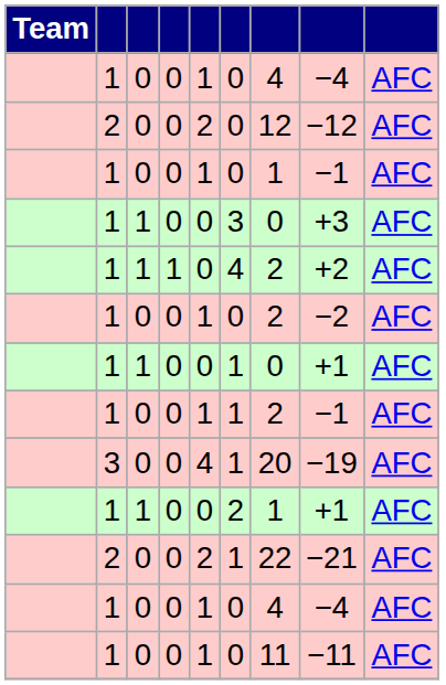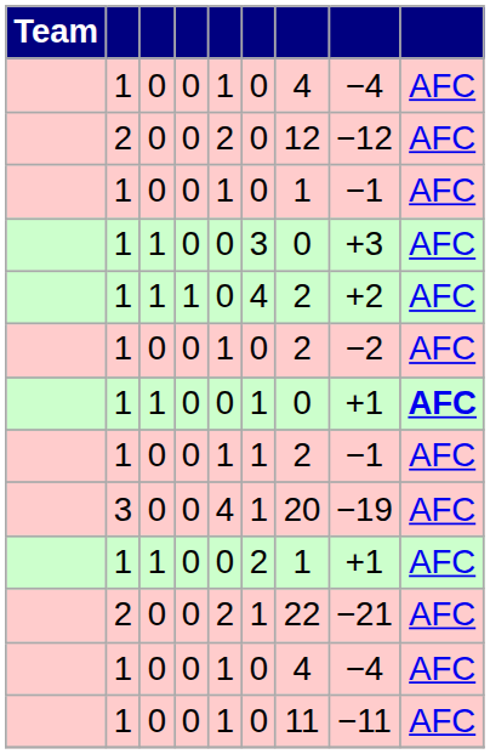 <table class="wikitable sortable" style="text-align: center; font-size: 100%;">
 <tr>
 <th style="background:#000080;color:white;">Team</th>
 <th style="background:#000080;color:white;"></th>
 <th style="background:#000080;color:white;"></th>
 <th style="background:#000080;color:white;"></th>
 <th style="background:#000080;color:white;"></th>
 <th style="background:#000080;color:white;"></th>
 <th style="background:#000080;color:white;"></th>
 <th style="background:#000080;color:white;"></th>
 <th style="background:#000080;color:white;"></th>
 </tr>
 <tr bgcolor=FFCCCC>
 <td style="text-align:left;"></td>
 <td>1</td>
 <td>0</td>
 <td>0</td>
 <td>1</td>
 <td>0</td>
 <td>4</td>
 <td>−4</td>
 <td><a href='#'>AFC</a></td>
 </tr>
 <tr bgcolor=FFCCCC>
 <td style="text-align:left;"></td>
 <td>2</td>
 <td>0</td>
 <td>0</td>
 <td>2</td>
 <td>0</td>
 <td>12</td>
 <td>−12</td>
 <td><a href='#'>AFC</a></td>
 </tr>
 <tr bgcolor=FFCCCC>
 <td style="text-align:left;"></td>
 <td>1</td>
 <td>0</td>
 <td>0</td>
 <td>1</td>
 <td>0</td>
 <td>1</td>
 <td>−1</td>
 <td><a href='#'>AFC</a></td>
 </tr>
 <tr bgcolor=CCFFCC>
 <td style="text-align:left;"></td>
 <td>1</td>
 <td>1</td>
 <td>0</td>
 <td>0</td>
 <td>3</td>
 <td>0</td>
 <td>+3</td>
 <td><a href='#'>AFC</a></td>
 </tr>
 <tr bgcolor=CCFFCC>
 <td style="text-align:left;"></td>
 <td>1</td>
 <td>1</td>
 <td>1</td>
 <td>0</td>
 <td>4</td>
 <td>2</td>
 <td>+2</td>
 <td><a href='#'>AFC</a></td>
 </tr>
 <tr bgcolor=FFCCCC>
 <td style="text-align:left;"></td>
 <td>1</td>
 <td>0</td>
 <td>0</td>
 <td>1</td>
 <td>0</td>
 <td>2</td>
 <td>−2</td>
 <td><a href='#'>AFC</a></td>
 </tr>
 <tr bgcolor=CCFFCC>
 <td style="text-align:left;"></td>
 <td>1</td>
 <td>1</td>
 <td>0</td>
 <td>0</td>
 <td>1</td>
 <td>0</td>
 <td>+1</td>
-<td><a href='#'>AFC</a></td>
+<td><strong><a href='#'>AFC</a></strong></td>
 </tr>
 <tr bgcolor=FFCCCC>
 <td style="text-align:left;"></td>
 <td>1</td>
 <td>0</td>
 <td>0</td>
 <td>1</td>
 <td>1</td>
 <td>2</td>
 <td>−1</td>
 <td><a href='#'>AFC</a></td>
 </tr>
 <tr bgcolor=FFCCCC>
 <td style="text-align:left;"></td>
 <td>3</td>
 <td>0</td>
 <td>0</td>
 <td>4</td>
 <td>1</td>
 <td>20</td>
 <td>−19</td>
 <td><a href='#'>AFC</a></td>
 </tr>
 <tr bgcolor=CCFFCC>
 <td style="text-align:left;"></td>
 <td>1</td>
 <td>1</td>
 <td>0</td>
 <td>0</td>
 <td>2</td>
 <td>1</td>
 <td>+1</td>
 <td><a href='#'>AFC</a></td>
 </tr>
 <tr bgcolor=FFCCCC>
 <td style="text-align:left;"></td>
 <td>2</td>
 <td>0</td>
 <td>0</td>
 <td>2</td>
 <td>1</td>
 <td>22</td>
 <td>−21</td>
 <td><a href='#'>AFC</a></td>
 </tr>
 <tr bgcolor=FFCCCC>
 <td style="text-align:left;"></td>
 <td>1</td>
 <td>0</td>
 <td>0</td>
 <td>1</td>
 <td>0</td>
 <td>4</td>
 <td>−4</td>
 <td><a href='#'>AFC</a></td>
 </tr>
 <tr bgcolor=FFCCCC>
 <td style="text-align:left;"></td>
 <td>1</td>
 <td>0</td>
 <td>0</td>
 <td>1</td>
 <td>0</td>
 <td>11</td>
 <td>−11</td>
 <td><a href='#'>AFC</a></td>
 </tr>
 <tr>
 </tr>
 </table>
